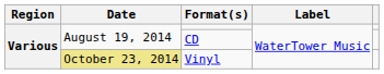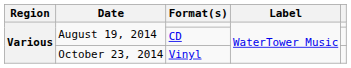 <table class="wikitable plainrowheaders">
 <tr>
 <th scope="col">Region</th>
 <th scope="col">Date</th>
 <th scope="col">Format(s)</th>
 <th scope="col">Label</th>
 <th scope="col"></th>
 </tr>
 <tr>
 <th rowspan="3" scope="row">Various</th>
 <td rowspan="2">August 19, 2014</td>
 <td></td>
 <td rowspan="3"><a href='#'>WaterTower Music</a></td>
 <td style="text-align:center;"></td>
 </tr>
 <tr>
 <td><a href='#'>CD</a></td>
 <td style="text-align:center;"></td>
 </tr>
 <tr>
-<td style="background: khaki;">October 23, 2014</td>
+<td>October 23, 2014</td>
 <td><a href='#'>Vinyl</a></td>
 <td style="text-align:center;"></td>
 </tr>
 </table>
